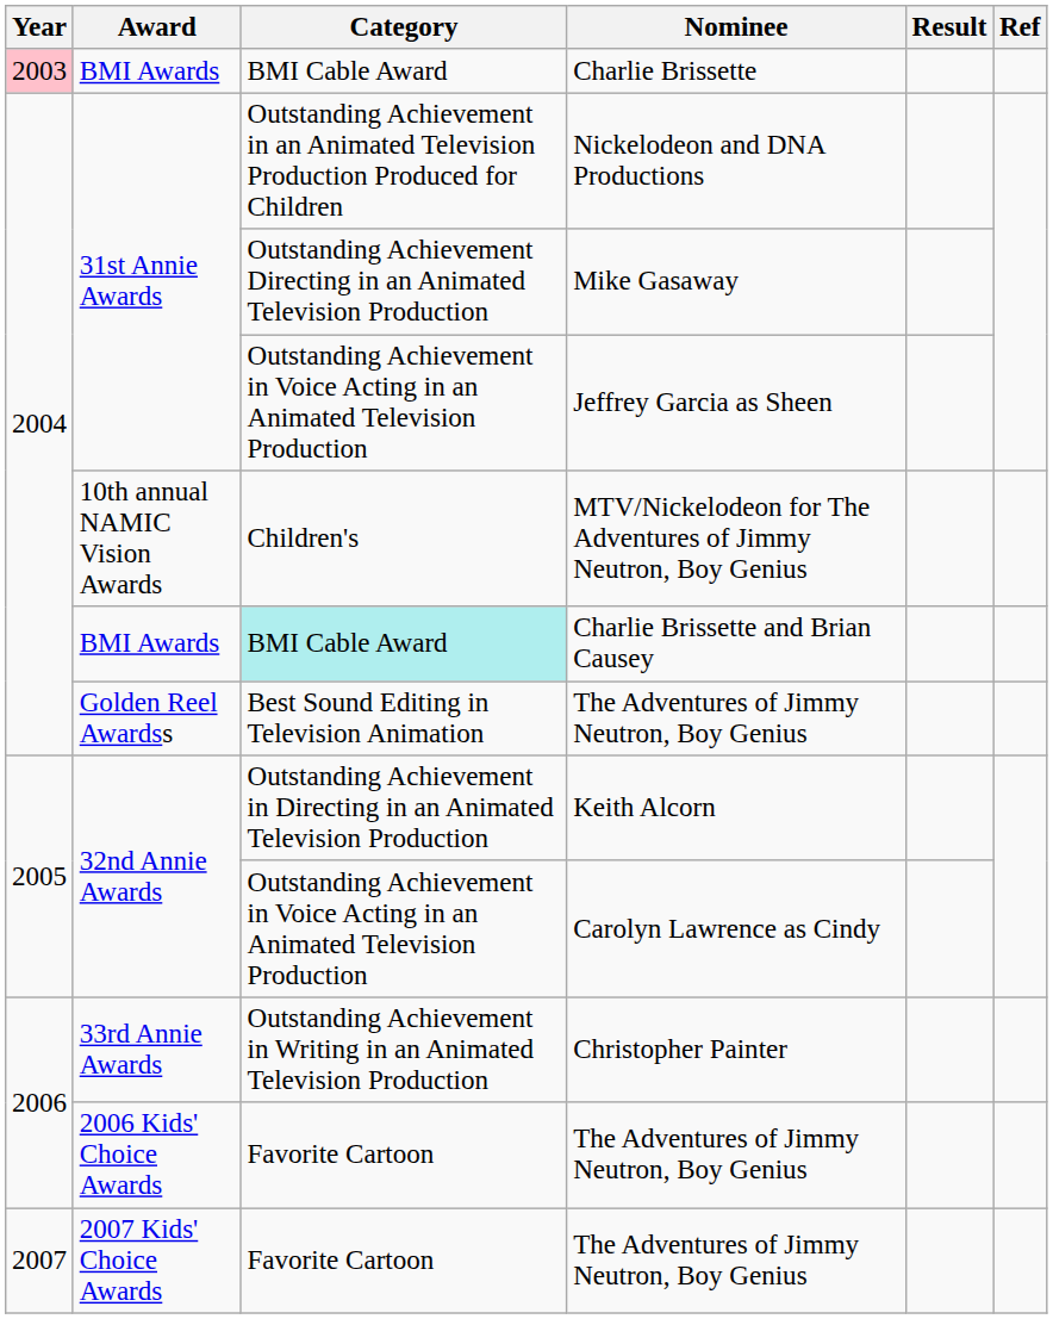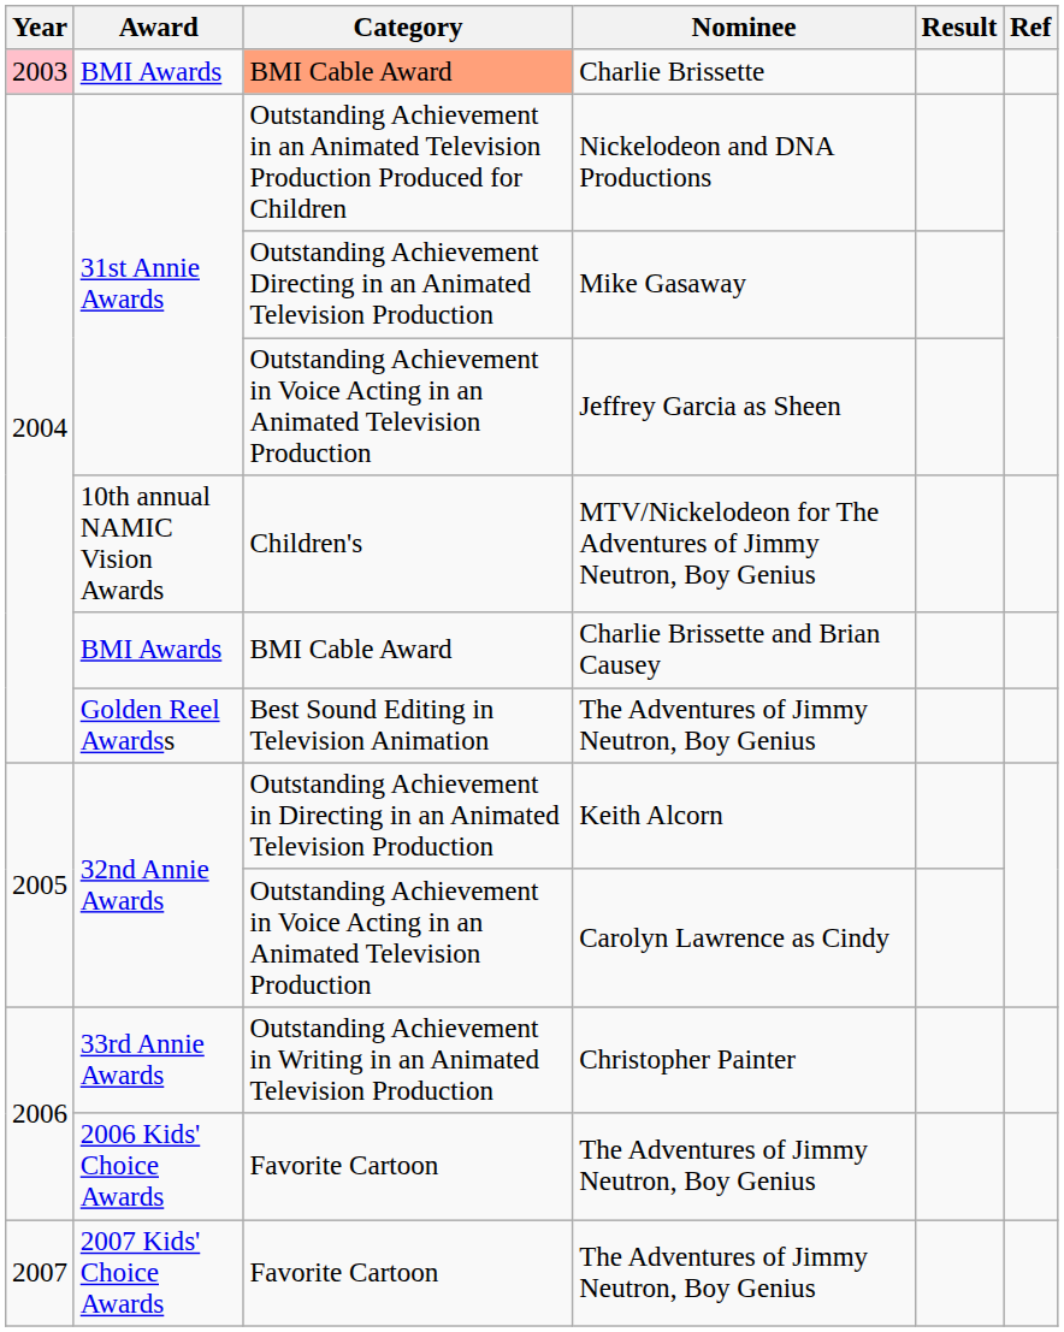 <table class="wikitable sortable">
 <tr>
 <th>Year</th>
 <th>Award</th>
 <th>Category</th>
 <th>Nominee</th>
 <th>Result</th>
 <th>Ref</th>
 </tr>
 <tr>
 <td rowspan="1" style="background: pink;">2003</td>
 <td rowspan="1"><a href='#'>BMI Awards</a></td>
-<td>BMI Cable Award</td>
+<td style="background: lightsalmon;">BMI Cable Award</td>
 <td>Charlie Brissette</td>
 <td></td>
 <td></td>
 </tr>
 <tr>
 <td rowspan="6">2004</td>
 <td rowspan="3"><a href='#'>31st Annie Awards</a></td>
 <td>Outstanding Achievement in an Animated Television Production Produced for Children</td>
 <td>Nickelodeon and DNA Productions</td>
 <td></td>
 <td rowspan="3"></td>
 </tr>
 <tr>
 <td>Outstanding Achievement Directing in an Animated Television Production</td>
 <td>Mike Gasaway</td>
 <td></td>
 </tr>
 <tr>
 <td>Outstanding Achievement in Voice Acting in an Animated Television Production</td>
 <td>Jeffrey Garcia as Sheen</td>
 <td></td>
 </tr>
 <tr>
 <td>10th annual NAMIC Vision Awards</td>
 <td>Children's</td>
 <td>MTV/Nickelodeon for The Adventures of Jimmy Neutron, Boy Genius</td>
 <td></td>
 <td></td>
 </tr>
 <tr>
 <td><a href='#'>BMI Awards</a></td>
-<td style="background: paleturquoise;">BMI Cable Award</td>
+<td>BMI Cable Award</td>
 <td>Charlie Brissette and Brian Causey</td>
 <td></td>
 <td></td>
 </tr>
 <tr>
 <td><a href='#'>Golden Reel Awards</a>s</td>
 <td>Best Sound Editing in Television Animation</td>
 <td>The Adventures of Jimmy Neutron, Boy Genius</td>
 <td></td>
 <td></td>
 </tr>
 <tr>
 <td rowspan="2">2005</td>
 <td rowspan="2"><a href='#'>32nd Annie Awards</a></td>
 <td>Outstanding Achievement in Directing in an Animated Television Production</td>
 <td>Keith Alcorn</td>
 <td></td>
 <td rowspan="2"></td>
 </tr>
 <tr>
 <td>Outstanding Achievement in Voice Acting in an Animated Television Production</td>
 <td>Carolyn Lawrence as Cindy</td>
 <td></td>
 </tr>
 <tr>
 <td rowspan="2">2006</td>
 <td rowspan="1"><a href='#'>33rd Annie Awards</a></td>
 <td>Outstanding Achievement in Writing in an Animated Television Production</td>
 <td>Christopher Painter</td>
 <td></td>
 <td></td>
 </tr>
 <tr>
 <td><a href='#'>2006 Kids' Choice Awards</a></td>
 <td>Favorite Cartoon</td>
 <td>The Adventures of Jimmy Neutron, Boy Genius</td>
 <td></td>
 <td></td>
 </tr>
 <tr>
 <td rowspan="1">2007</td>
 <td rowspan="1"><a href='#'>2007 Kids' Choice Awards</a></td>
 <td>Favorite Cartoon</td>
 <td>The Adventures of Jimmy Neutron, Boy Genius</td>
 <td></td>
 <td></td>
 </tr>
 </table>
